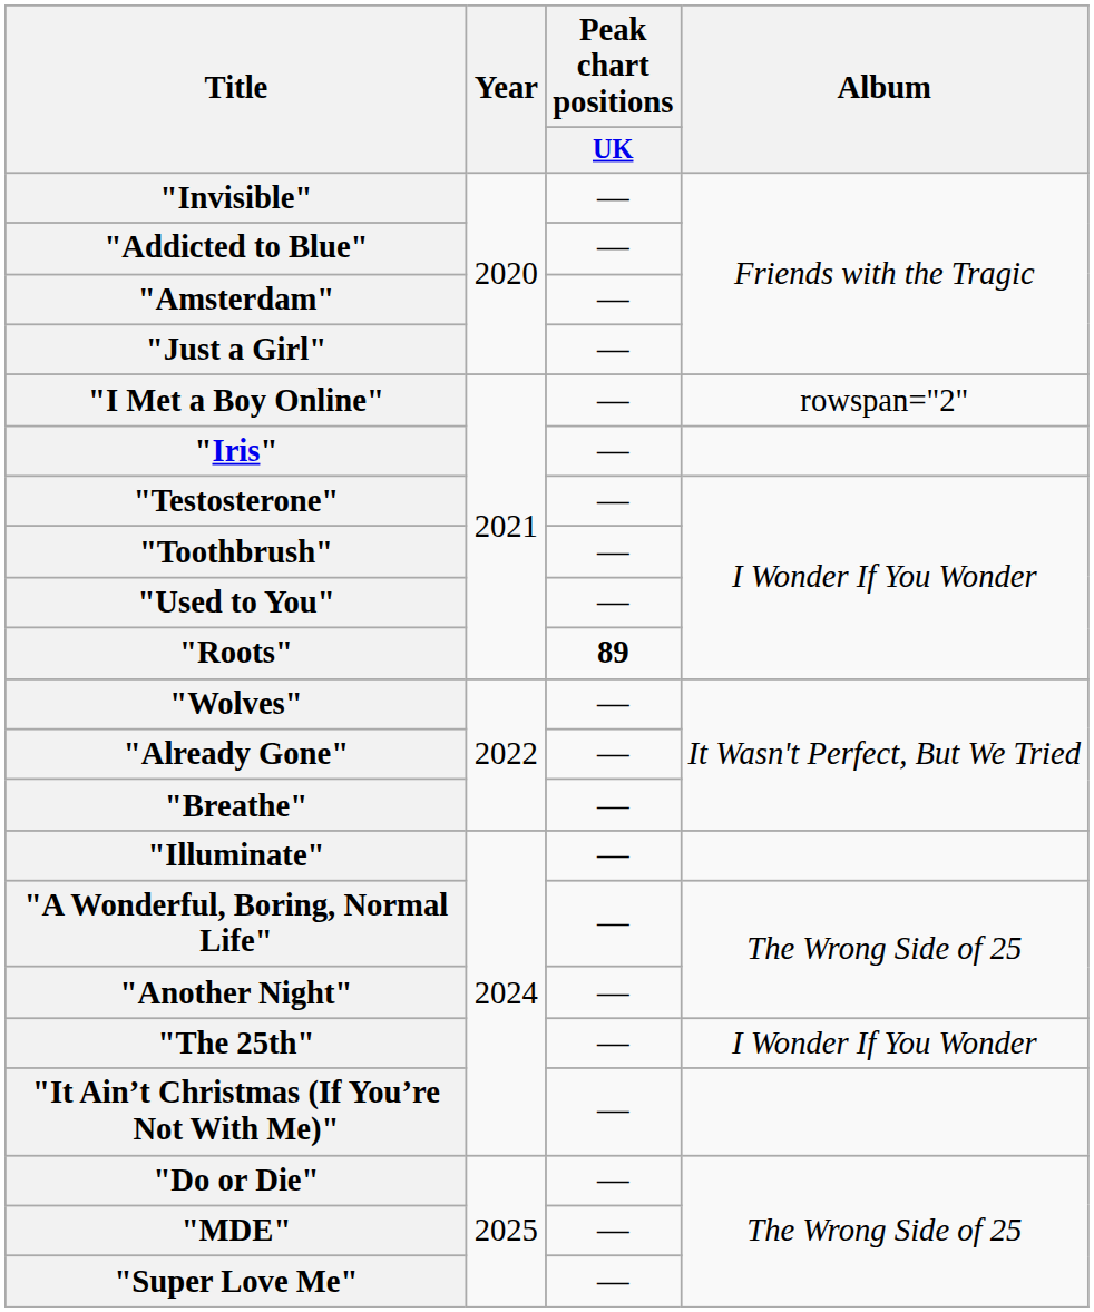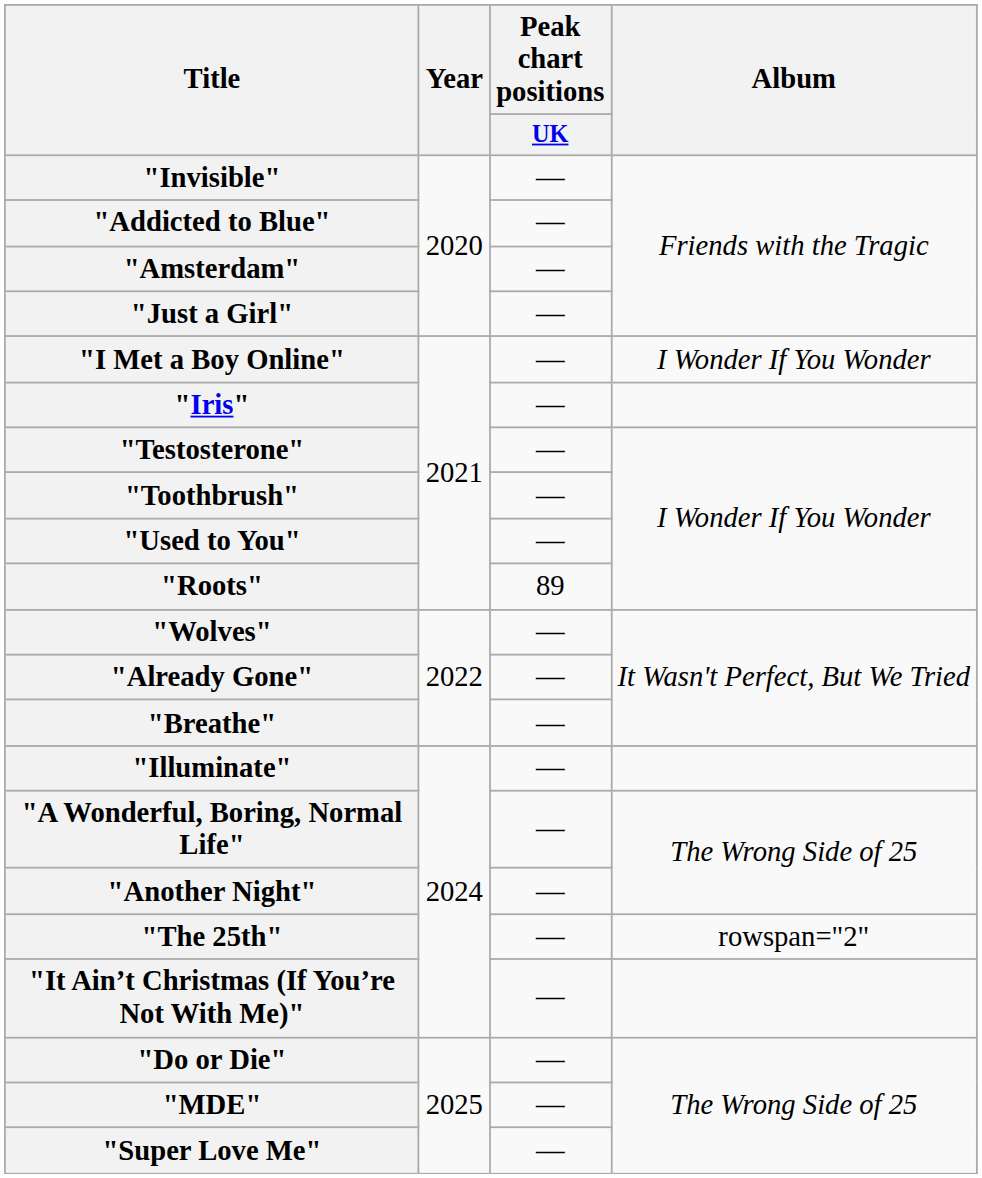 <table class="wikitable plainrowheaders" style="text-align:center;" border="1">
 <tr>
 <th scope="col" rowspan="2" style="width:14em;">Title</th>
 <th scope="col" rowspan="2" style="width:1em;">Year</th>
 <th scope="col" colspan="1">Peak chart positions</th>
 <th scope="col" rowspan="2">Album</th>
 </tr>
 <tr>
 <th scope="col" style="width:3em;font-size:85%;"><a href='#'>UK</a><br></th>
 </tr>
 <tr>
 <th scope="row">"Invisible"</th>
 <td rowspan="4">2020</td>
 <td>—</td>
 <td rowspan="4"><em>Friends with the Tragic</em></td>
 </tr>
 <tr>
 <th scope="row">"Addicted to Blue"</th>
 <td>—</td>
 </tr>
 <tr>
 <th scope="row">"Amsterdam"</th>
 <td>—</td>
 </tr>
 <tr>
 <th scope="row">"Just a Girl"</th>
 <td>—</td>
 </tr>
 <tr>
 <th scope="row">"I Met a Boy Online"</th>
 <td rowspan="6">2021</td>
 <td>—</td>
-<td>rowspan="2" </td>
+<td><em>I Wonder If You Wonder</em></td>
 </tr>
 <tr>
 <th scope="row">"<a href='#'>Iris</a>"</th>
 <td>—</td>
 <td></td>
 </tr>
 <tr>
 <th scope="row">"Testosterone"</th>
 <td>—</td>
 <td rowspan="4"><em>I Wonder If You Wonder</em></td>
 </tr>
 <tr>
 <th scope="row">"Toothbrush"</th>
 <td>—</td>
 </tr>
 <tr>
 <th scope="row">"Used to You"</th>
 <td>—</td>
 </tr>
 <tr>
 <th scope="row">"Roots"</th>
-<td><strong>89</strong></td>
+<td>89</td>
 </tr>
 <tr>
 <th scope="row">"Wolves"</th>
 <td rowspan="3">2022</td>
 <td>—</td>
 <td rowspan="3"><em>It Wasn't Perfect, But We Tried</em></td>
 </tr>
 <tr>
 <th scope="row">"Already Gone"</th>
 <td>—</td>
 </tr>
 <tr>
 <th scope="row">"Breathe"</th>
 <td>—</td>
 </tr>
 <tr>
 <th scope="row">"Illuminate"</th>
 <td rowspan="5">2024</td>
 <td>—</td>
 <td></td>
 </tr>
 <tr>
 <th scope="row">"A Wonderful, Boring, Normal Life"</th>
 <td>—</td>
 <td rowspan="2"><em>The Wrong Side of 25</em></td>
 </tr>
 <tr>
 <th scope="row">"Another Night"</th>
 <td>—</td>
 </tr>
 <tr>
 <th scope="row">"The 25th"</th>
 <td>—</td>
-<td><em>I Wonder If You Wonder</em></td>
+<td>rowspan="2" </td>
 </tr>
 <tr>
 <th scope="row">"It Ain’t Christmas (If You’re Not With Me)"</th>
 <td>—</td>
 </tr>
 <tr>
 <th scope="row">"Do or Die"</th>
 <td rowspan="3">2025</td>
 <td>—</td>
 <td rowspan="3"><em>The Wrong Side of 25</em></td>
 </tr>
 <tr>
 <th scope="row">"MDE"</th>
 <td>—</td>
 </tr>
 <tr>
 <th scope="row">"Super Love Me"</th>
 <td>—</td>
 </tr>
 </table>
